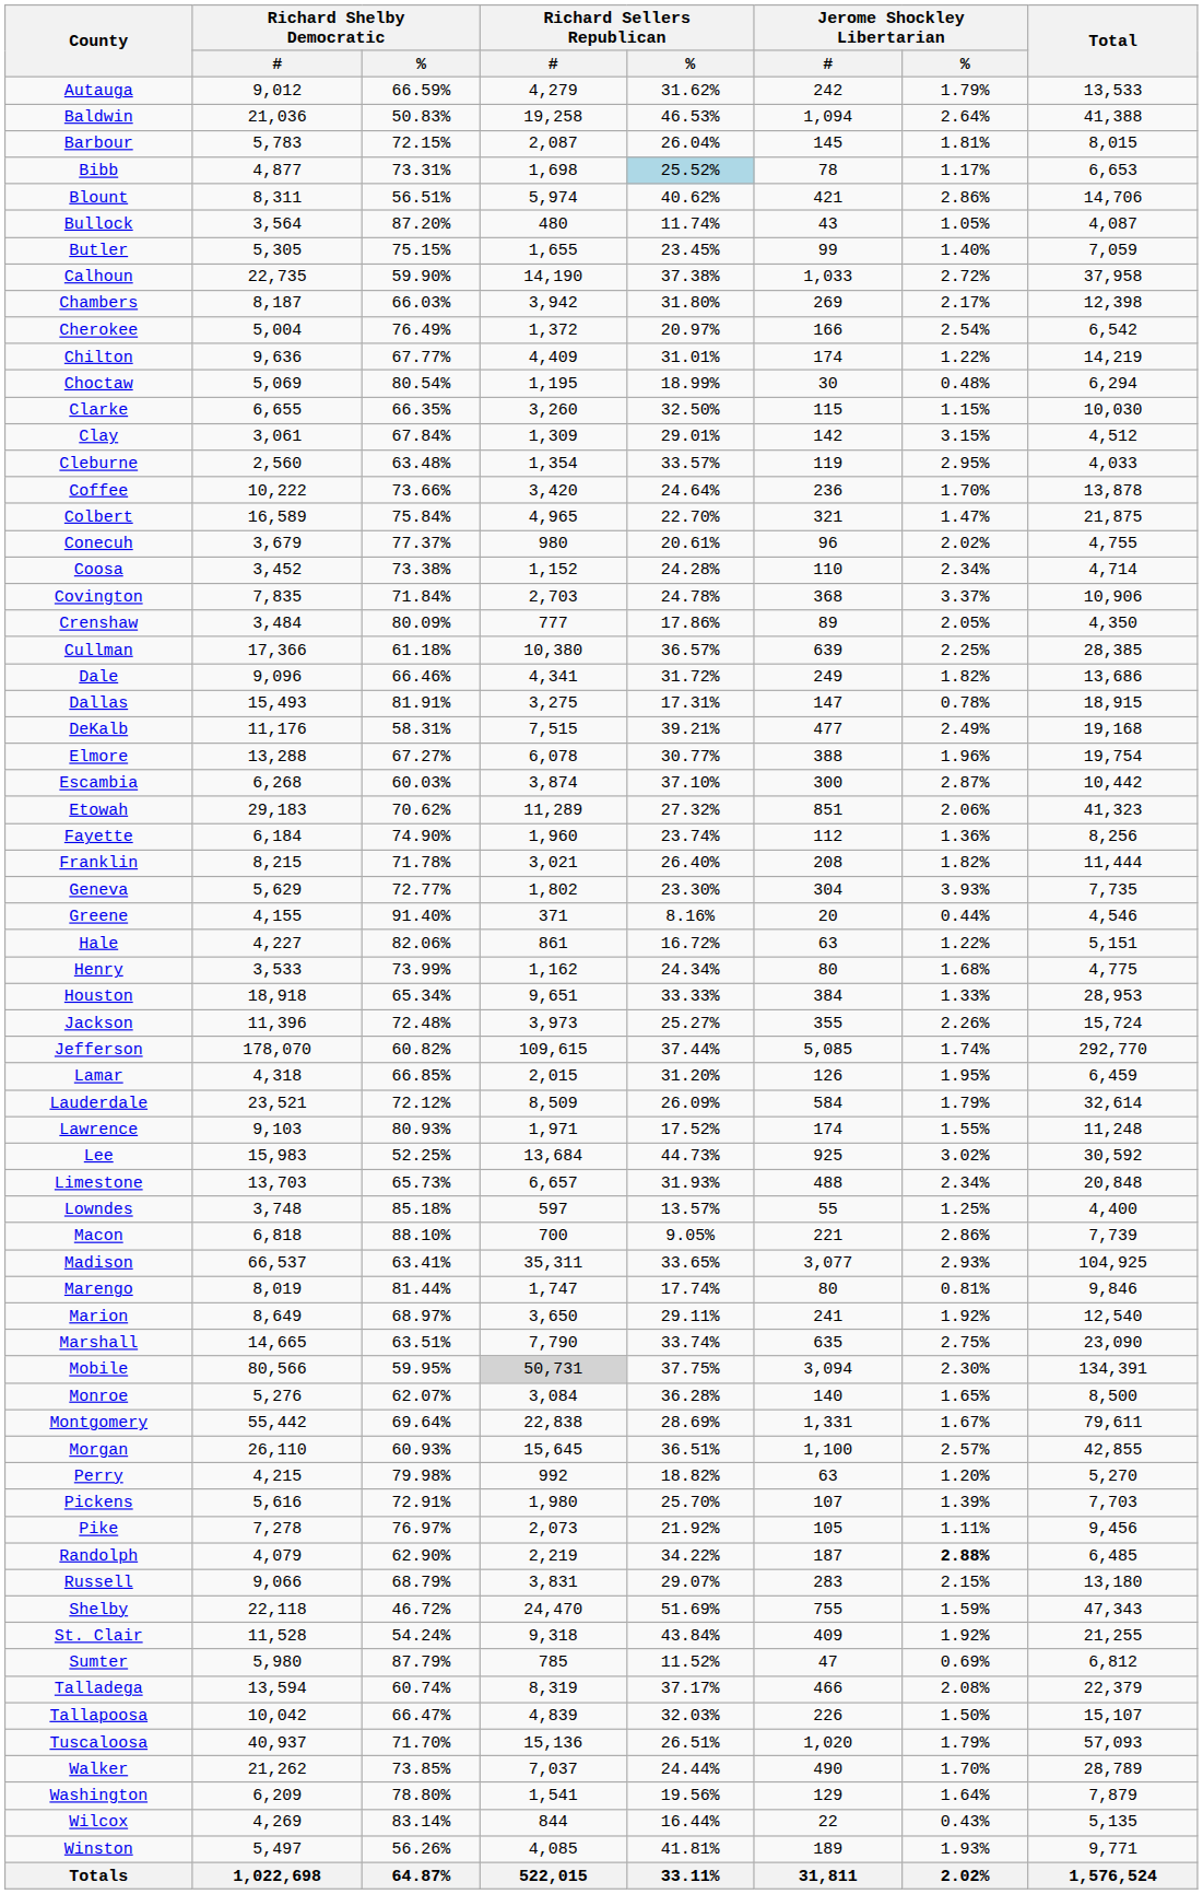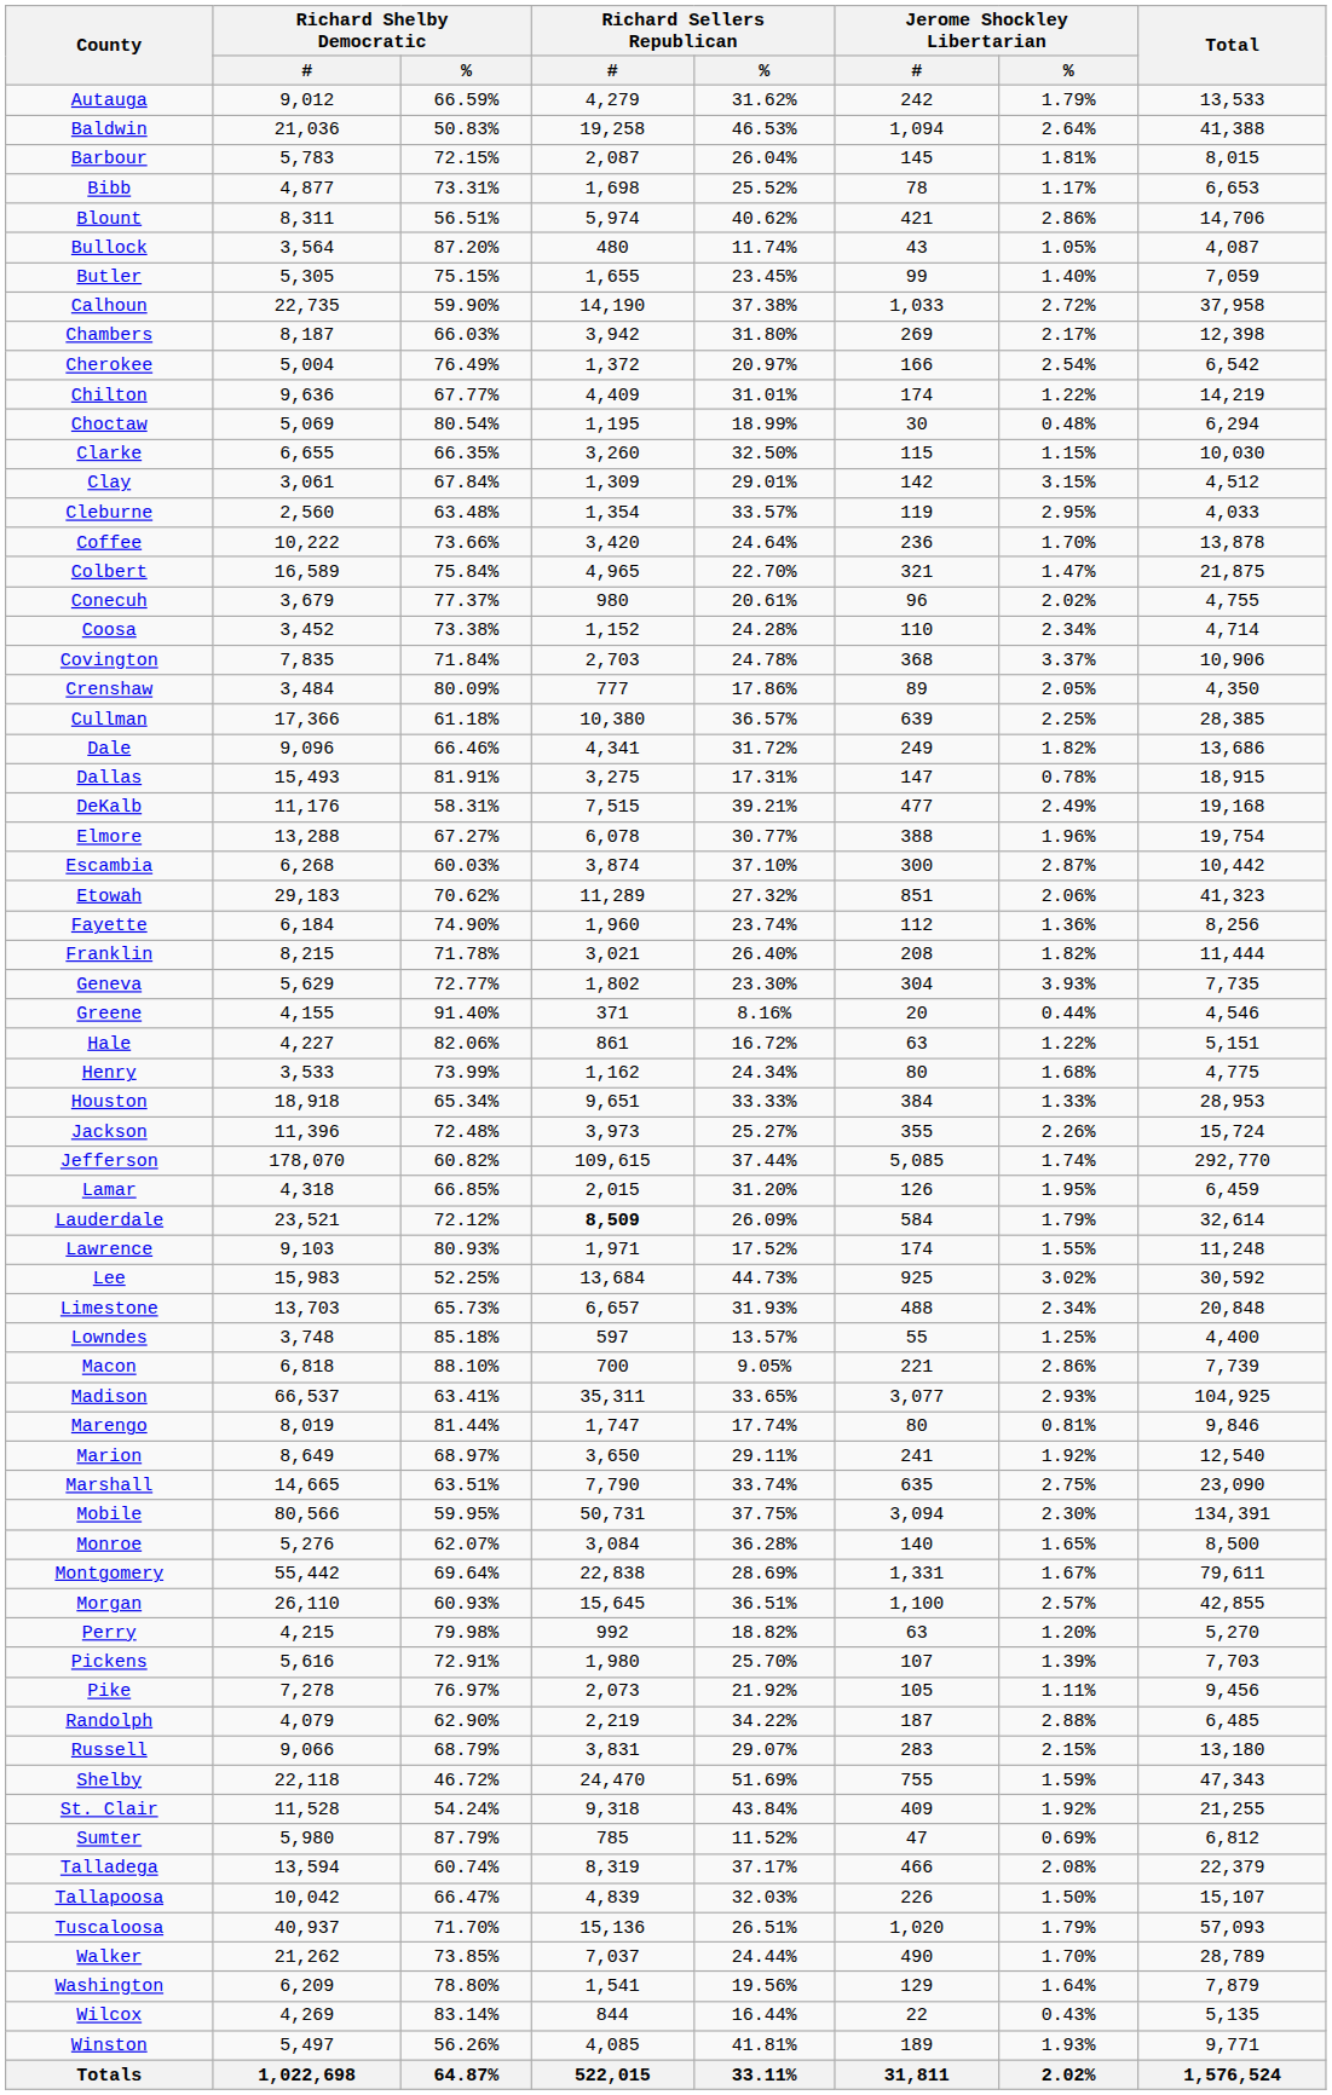 <table class="wikitable sortable" width="60%">
 <tr>
 <th rowspan="2">County</th>
 <th colspan="2">Richard Shelby<br>Democratic</th>
 <th colspan="2">Richard Sellers<br>Republican</th>
 <th colspan="2">Jerome Shockley<br>Libertarian</th>
 <th rowspan="2">Total</th>
 </tr>
 <tr>
 <th data-sort-type="number" style="text-align:center;">#</th>
 <th data-sort-type="number" style="text-align:center;">%</th>
 <th data-sort-type="number" style="text-align:center;">#</th>
 <th data-sort-type="number" style="text-align:center;">%</th>
 <th data-sort-type="number" style="text-align:center;">#</th>
 <th data-sort-type="number" style="text-align:center;">%</th>
 </tr>
 <tr style="text-align:center;">
 <td><a href='#'>Autauga</a></td>
 <td>9,012</td>
 <td>66.59%</td>
 <td>4,279</td>
 <td>31.62%</td>
 <td>242</td>
 <td>1.79%</td>
 <td>13,533</td>
 </tr>
 <tr style="text-align:center;">
 <td><a href='#'>Baldwin</a></td>
 <td>21,036</td>
 <td>50.83%</td>
 <td>19,258</td>
 <td>46.53%</td>
 <td>1,094</td>
 <td>2.64%</td>
 <td>41,388</td>
 </tr>
 <tr style="text-align:center;">
 <td><a href='#'>Barbour</a></td>
 <td>5,783</td>
 <td>72.15%</td>
 <td>2,087</td>
 <td>26.04%</td>
 <td>145</td>
 <td>1.81%</td>
 <td>8,015</td>
 </tr>
 <tr style="text-align:center;">
 <td><a href='#'>Bibb</a></td>
 <td>4,877</td>
 <td>73.31%</td>
 <td>1,698</td>
-<td style="background: lightblue;">25.52%</td>
+<td>25.52%</td>
 <td>78</td>
 <td>1.17%</td>
 <td>6,653</td>
 </tr>
 <tr style="text-align:center;">
 <td><a href='#'>Blount</a></td>
 <td>8,311</td>
 <td>56.51%</td>
 <td>5,974</td>
 <td>40.62%</td>
 <td>421</td>
 <td>2.86%</td>
 <td>14,706</td>
 </tr>
 <tr style="text-align:center;">
 <td><a href='#'>Bullock</a></td>
 <td>3,564</td>
 <td>87.20%</td>
 <td>480</td>
 <td>11.74%</td>
 <td>43</td>
 <td>1.05%</td>
 <td>4,087</td>
 </tr>
 <tr style="text-align:center;">
 <td><a href='#'>Butler</a></td>
 <td>5,305</td>
 <td>75.15%</td>
 <td>1,655</td>
 <td>23.45%</td>
 <td>99</td>
 <td>1.40%</td>
 <td>7,059</td>
 </tr>
 <tr style="text-align:center;">
 <td><a href='#'>Calhoun</a></td>
 <td>22,735</td>
 <td>59.90%</td>
 <td>14,190</td>
 <td>37.38%</td>
 <td>1,033</td>
 <td>2.72%</td>
 <td>37,958</td>
 </tr>
 <tr style="text-align:center;">
 <td><a href='#'>Chambers</a></td>
 <td>8,187</td>
 <td>66.03%</td>
 <td>3,942</td>
 <td>31.80%</td>
 <td>269</td>
 <td>2.17%</td>
 <td>12,398</td>
 </tr>
 <tr style="text-align:center;">
 <td><a href='#'>Cherokee</a></td>
 <td>5,004</td>
 <td>76.49%</td>
 <td>1,372</td>
 <td>20.97%</td>
 <td>166</td>
 <td>2.54%</td>
 <td>6,542</td>
 </tr>
 <tr style="text-align:center;">
 <td><a href='#'>Chilton</a></td>
 <td>9,636</td>
 <td>67.77%</td>
 <td>4,409</td>
 <td>31.01%</td>
 <td>174</td>
 <td>1.22%</td>
 <td>14,219</td>
 </tr>
 <tr style="text-align:center;">
 <td><a href='#'>Choctaw</a></td>
 <td>5,069</td>
 <td>80.54%</td>
 <td>1,195</td>
 <td>18.99%</td>
 <td>30</td>
 <td>0.48%</td>
 <td>6,294</td>
 </tr>
 <tr style="text-align:center;">
 <td><a href='#'>Clarke</a></td>
 <td>6,655</td>
 <td>66.35%</td>
 <td>3,260</td>
 <td>32.50%</td>
 <td>115</td>
 <td>1.15%</td>
 <td>10,030</td>
 </tr>
 <tr style="text-align:center;">
 <td><a href='#'>Clay</a></td>
 <td>3,061</td>
 <td>67.84%</td>
 <td>1,309</td>
 <td>29.01%</td>
 <td>142</td>
 <td>3.15%</td>
 <td>4,512</td>
 </tr>
 <tr style="text-align:center;">
 <td><a href='#'>Cleburne</a></td>
 <td>2,560</td>
 <td>63.48%</td>
 <td>1,354</td>
 <td>33.57%</td>
 <td>119</td>
 <td>2.95%</td>
 <td>4,033</td>
 </tr>
 <tr style="text-align:center;">
 <td><a href='#'>Coffee</a></td>
 <td>10,222</td>
 <td>73.66%</td>
 <td>3,420</td>
 <td>24.64%</td>
 <td>236</td>
 <td>1.70%</td>
 <td>13,878</td>
 </tr>
 <tr style="text-align:center;">
 <td><a href='#'>Colbert</a></td>
 <td>16,589</td>
 <td>75.84%</td>
 <td>4,965</td>
 <td>22.70%</td>
 <td>321</td>
 <td>1.47%</td>
 <td>21,875</td>
 </tr>
 <tr style="text-align:center;">
 <td><a href='#'>Conecuh</a></td>
 <td>3,679</td>
 <td>77.37%</td>
 <td>980</td>
 <td>20.61%</td>
 <td>96</td>
 <td>2.02%</td>
 <td>4,755</td>
 </tr>
 <tr style="text-align:center;">
 <td><a href='#'>Coosa</a></td>
 <td>3,452</td>
 <td>73.38%</td>
 <td>1,152</td>
 <td>24.28%</td>
 <td>110</td>
 <td>2.34%</td>
 <td>4,714</td>
 </tr>
 <tr style="text-align:center;">
 <td><a href='#'>Covington</a></td>
 <td>7,835</td>
 <td>71.84%</td>
 <td>2,703</td>
 <td>24.78%</td>
 <td>368</td>
 <td>3.37%</td>
 <td>10,906</td>
 </tr>
 <tr style="text-align:center;">
 <td><a href='#'>Crenshaw</a></td>
 <td>3,484</td>
 <td>80.09%</td>
 <td>777</td>
 <td>17.86%</td>
 <td>89</td>
 <td>2.05%</td>
 <td>4,350</td>
 </tr>
 <tr style="text-align:center;">
 <td><a href='#'>Cullman</a></td>
 <td>17,366</td>
 <td>61.18%</td>
 <td>10,380</td>
 <td>36.57%</td>
 <td>639</td>
 <td>2.25%</td>
 <td>28,385</td>
 </tr>
 <tr style="text-align:center;">
 <td><a href='#'>Dale</a></td>
 <td>9,096</td>
 <td>66.46%</td>
 <td>4,341</td>
 <td>31.72%</td>
 <td>249</td>
 <td>1.82%</td>
 <td>13,686</td>
 </tr>
 <tr style="text-align:center;">
 <td><a href='#'>Dallas</a></td>
 <td>15,493</td>
 <td>81.91%</td>
 <td>3,275</td>
 <td>17.31%</td>
 <td>147</td>
 <td>0.78%</td>
 <td>18,915</td>
 </tr>
 <tr style="text-align:center;">
 <td><a href='#'>DeKalb</a></td>
 <td>11,176</td>
 <td>58.31%</td>
 <td>7,515</td>
 <td>39.21%</td>
 <td>477</td>
 <td>2.49%</td>
 <td>19,168</td>
 </tr>
 <tr style="text-align:center;">
 <td><a href='#'>Elmore</a></td>
 <td>13,288</td>
 <td>67.27%</td>
 <td>6,078</td>
 <td>30.77%</td>
 <td>388</td>
 <td>1.96%</td>
 <td>19,754</td>
 </tr>
 <tr style="text-align:center;">
 <td><a href='#'>Escambia</a></td>
 <td>6,268</td>
 <td>60.03%</td>
 <td>3,874</td>
 <td>37.10%</td>
 <td>300</td>
 <td>2.87%</td>
 <td>10,442</td>
 </tr>
 <tr style="text-align:center;">
 <td><a href='#'>Etowah</a></td>
 <td>29,183</td>
 <td>70.62%</td>
 <td>11,289</td>
 <td>27.32%</td>
 <td>851</td>
 <td>2.06%</td>
 <td>41,323</td>
 </tr>
 <tr style="text-align:center;">
 <td><a href='#'>Fayette</a></td>
 <td>6,184</td>
 <td>74.90%</td>
 <td>1,960</td>
 <td>23.74%</td>
 <td>112</td>
 <td>1.36%</td>
 <td>8,256</td>
 </tr>
 <tr style="text-align:center;">
 <td><a href='#'>Franklin</a></td>
 <td>8,215</td>
 <td>71.78%</td>
 <td>3,021</td>
 <td>26.40%</td>
 <td>208</td>
 <td>1.82%</td>
 <td>11,444</td>
 </tr>
 <tr style="text-align:center;">
 <td><a href='#'>Geneva</a></td>
 <td>5,629</td>
 <td>72.77%</td>
 <td>1,802</td>
 <td>23.30%</td>
 <td>304</td>
 <td>3.93%</td>
 <td>7,735</td>
 </tr>
 <tr style="text-align:center;">
 <td><a href='#'>Greene</a></td>
 <td>4,155</td>
 <td>91.40%</td>
 <td>371</td>
 <td>8.16%</td>
 <td>20</td>
 <td>0.44%</td>
 <td>4,546</td>
 </tr>
 <tr style="text-align:center;">
 <td><a href='#'>Hale</a></td>
 <td>4,227</td>
 <td>82.06%</td>
 <td>861</td>
 <td>16.72%</td>
 <td>63</td>
 <td>1.22%</td>
 <td>5,151</td>
 </tr>
 <tr style="text-align:center;">
 <td><a href='#'>Henry</a></td>
 <td>3,533</td>
 <td>73.99%</td>
 <td>1,162</td>
 <td>24.34%</td>
 <td>80</td>
 <td>1.68%</td>
 <td>4,775</td>
 </tr>
 <tr style="text-align:center;">
 <td><a href='#'>Houston</a></td>
 <td>18,918</td>
 <td>65.34%</td>
 <td>9,651</td>
 <td>33.33%</td>
 <td>384</td>
 <td>1.33%</td>
 <td>28,953</td>
 </tr>
 <tr style="text-align:center;">
 <td><a href='#'>Jackson</a></td>
 <td>11,396</td>
 <td>72.48%</td>
 <td>3,973</td>
 <td>25.27%</td>
 <td>355</td>
 <td>2.26%</td>
 <td>15,724</td>
 </tr>
 <tr style="text-align:center;">
 <td><a href='#'>Jefferson</a></td>
 <td>178,070</td>
 <td>60.82%</td>
 <td>109,615</td>
 <td>37.44%</td>
 <td>5,085</td>
 <td>1.74%</td>
 <td>292,770</td>
 </tr>
 <tr style="text-align:center;">
 <td><a href='#'>Lamar</a></td>
 <td>4,318</td>
 <td>66.85%</td>
 <td>2,015</td>
 <td>31.20%</td>
 <td>126</td>
 <td>1.95%</td>
 <td>6,459</td>
 </tr>
 <tr style="text-align:center;">
 <td><a href='#'>Lauderdale</a></td>
 <td>23,521</td>
 <td>72.12%</td>
-<td>8,509</td>
+<td><strong>8,509</strong></td>
 <td>26.09%</td>
 <td>584</td>
 <td>1.79%</td>
 <td>32,614</td>
 </tr>
 <tr style="text-align:center;">
 <td><a href='#'>Lawrence</a></td>
 <td>9,103</td>
 <td>80.93%</td>
 <td>1,971</td>
 <td>17.52%</td>
 <td>174</td>
 <td>1.55%</td>
 <td>11,248</td>
 </tr>
 <tr style="text-align:center;">
 <td><a href='#'>Lee</a></td>
 <td>15,983</td>
 <td>52.25%</td>
 <td>13,684</td>
 <td>44.73%</td>
 <td>925</td>
 <td>3.02%</td>
 <td>30,592</td>
 </tr>
 <tr style="text-align:center;">
 <td><a href='#'>Limestone</a></td>
 <td>13,703</td>
 <td>65.73%</td>
 <td>6,657</td>
 <td>31.93%</td>
 <td>488</td>
 <td>2.34%</td>
 <td>20,848</td>
 </tr>
 <tr style="text-align:center;">
 <td><a href='#'>Lowndes</a></td>
 <td>3,748</td>
 <td>85.18%</td>
 <td>597</td>
 <td>13.57%</td>
 <td>55</td>
 <td>1.25%</td>
 <td>4,400</td>
 </tr>
 <tr style="text-align:center;">
 <td><a href='#'>Macon</a></td>
 <td>6,818</td>
 <td>88.10%</td>
 <td>700</td>
 <td>9.05%</td>
 <td>221</td>
 <td>2.86%</td>
 <td>7,739</td>
 </tr>
 <tr style="text-align:center;">
 <td><a href='#'>Madison</a></td>
 <td>66,537</td>
 <td>63.41%</td>
 <td>35,311</td>
 <td>33.65%</td>
 <td>3,077</td>
 <td>2.93%</td>
 <td>104,925</td>
 </tr>
 <tr style="text-align:center;">
 <td><a href='#'>Marengo</a></td>
 <td>8,019</td>
 <td>81.44%</td>
 <td>1,747</td>
 <td>17.74%</td>
 <td>80</td>
 <td>0.81%</td>
 <td>9,846</td>
 </tr>
 <tr style="text-align:center;">
 <td><a href='#'>Marion</a></td>
 <td>8,649</td>
 <td>68.97%</td>
 <td>3,650</td>
 <td>29.11%</td>
 <td>241</td>
 <td>1.92%</td>
 <td>12,540</td>
 </tr>
 <tr style="text-align:center;">
 <td><a href='#'>Marshall</a></td>
 <td>14,665</td>
 <td>63.51%</td>
 <td>7,790</td>
 <td>33.74%</td>
 <td>635</td>
 <td>2.75%</td>
 <td>23,090</td>
 </tr>
 <tr style="text-align:center;">
 <td><a href='#'>Mobile</a></td>
 <td>80,566</td>
 <td>59.95%</td>
-<td style="background: lightgrey;">50,731</td>
+<td>50,731</td>
 <td>37.75%</td>
 <td>3,094</td>
 <td>2.30%</td>
 <td>134,391</td>
 </tr>
 <tr style="text-align:center;">
 <td><a href='#'>Monroe</a></td>
 <td>5,276</td>
 <td>62.07%</td>
 <td>3,084</td>
 <td>36.28%</td>
 <td>140</td>
 <td>1.65%</td>
 <td>8,500</td>
 </tr>
 <tr style="text-align:center;">
 <td><a href='#'>Montgomery</a></td>
 <td>55,442</td>
 <td>69.64%</td>
 <td>22,838</td>
 <td>28.69%</td>
 <td>1,331</td>
 <td>1.67%</td>
 <td>79,611</td>
 </tr>
 <tr style="text-align:center;">
 <td><a href='#'>Morgan</a></td>
 <td>26,110</td>
 <td>60.93%</td>
 <td>15,645</td>
 <td>36.51%</td>
 <td>1,100</td>
 <td>2.57%</td>
 <td>42,855</td>
 </tr>
 <tr style="text-align:center;">
 <td><a href='#'>Perry</a></td>
 <td>4,215</td>
 <td>79.98%</td>
 <td>992</td>
 <td>18.82%</td>
 <td>63</td>
 <td>1.20%</td>
 <td>5,270</td>
 </tr>
 <tr style="text-align:center;">
 <td><a href='#'>Pickens</a></td>
 <td>5,616</td>
 <td>72.91%</td>
 <td>1,980</td>
 <td>25.70%</td>
 <td>107</td>
 <td>1.39%</td>
 <td>7,703</td>
 </tr>
 <tr style="text-align:center;">
 <td><a href='#'>Pike</a></td>
 <td>7,278</td>
 <td>76.97%</td>
 <td>2,073</td>
 <td>21.92%</td>
 <td>105</td>
 <td>1.11%</td>
 <td>9,456</td>
 </tr>
 <tr style="text-align:center;">
 <td><a href='#'>Randolph</a></td>
 <td>4,079</td>
 <td>62.90%</td>
 <td>2,219</td>
 <td>34.22%</td>
 <td>187</td>
-<td><strong>2.88%</strong></td>
+<td>2.88%</td>
 <td>6,485</td>
 </tr>
 <tr style="text-align:center;">
 <td><a href='#'>Russell</a></td>
 <td>9,066</td>
 <td>68.79%</td>
 <td>3,831</td>
 <td>29.07%</td>
 <td>283</td>
 <td>2.15%</td>
 <td>13,180</td>
 </tr>
 <tr style="text-align:center;">
 <td><a href='#'>Shelby</a></td>
 <td>22,118</td>
 <td>46.72%</td>
 <td>24,470</td>
 <td>51.69%</td>
 <td>755</td>
 <td>1.59%</td>
 <td>47,343</td>
 </tr>
 <tr style="text-align:center;">
 <td><a href='#'>St. Clair</a></td>
 <td>11,528</td>
 <td>54.24%</td>
 <td>9,318</td>
 <td>43.84%</td>
 <td>409</td>
 <td>1.92%</td>
 <td>21,255</td>
 </tr>
 <tr style="text-align:center;">
 <td><a href='#'>Sumter</a></td>
 <td>5,980</td>
 <td>87.79%</td>
 <td>785</td>
 <td>11.52%</td>
 <td>47</td>
 <td>0.69%</td>
 <td>6,812</td>
 </tr>
 <tr style="text-align:center;">
 <td><a href='#'>Talladega</a></td>
 <td>13,594</td>
 <td>60.74%</td>
 <td>8,319</td>
 <td>37.17%</td>
 <td>466</td>
 <td>2.08%</td>
 <td>22,379</td>
 </tr>
 <tr style="text-align:center;">
 <td><a href='#'>Tallapoosa</a></td>
 <td>10,042</td>
 <td>66.47%</td>
 <td>4,839</td>
 <td>32.03%</td>
 <td>226</td>
 <td>1.50%</td>
 <td>15,107</td>
 </tr>
 <tr style="text-align:center;">
 <td><a href='#'>Tuscaloosa</a></td>
 <td>40,937</td>
 <td>71.70%</td>
 <td>15,136</td>
 <td>26.51%</td>
 <td>1,020</td>
 <td>1.79%</td>
 <td>57,093</td>
 </tr>
 <tr style="text-align:center;">
 <td><a href='#'>Walker</a></td>
 <td>21,262</td>
 <td>73.85%</td>
 <td>7,037</td>
 <td>24.44%</td>
 <td>490</td>
 <td>1.70%</td>
 <td>28,789</td>
 </tr>
 <tr style="text-align:center;">
 <td><a href='#'>Washington</a></td>
 <td>6,209</td>
 <td>78.80%</td>
 <td>1,541</td>
 <td>19.56%</td>
 <td>129</td>
 <td>1.64%</td>
 <td>7,879</td>
 </tr>
 <tr style="text-align:center;">
 <td><a href='#'>Wilcox</a></td>
 <td>4,269</td>
 <td>83.14%</td>
 <td>844</td>
 <td>16.44%</td>
 <td>22</td>
 <td>0.43%</td>
 <td>5,135</td>
 </tr>
 <tr style="text-align:center;">
 <td><a href='#'>Winston</a></td>
 <td>5,497</td>
 <td>56.26%</td>
 <td>4,085</td>
 <td>41.81%</td>
 <td>189</td>
 <td>1.93%</td>
 <td>9,771</td>
 </tr>
 <tr>
 <th>Totals</th>
 <th>1,022,698</th>
 <th>64.87%</th>
 <th>522,015</th>
 <th>33.11%</th>
 <th>31,811</th>
 <th>2.02%</th>
 <th>1,576,524</th>
 </tr>
 </table>
